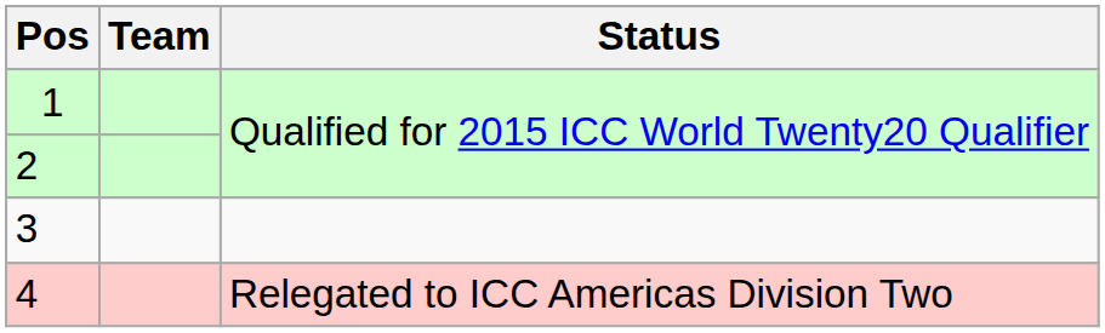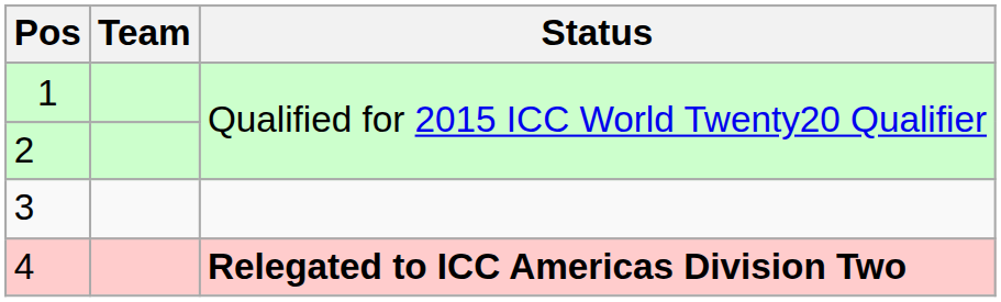 <table class="wikitable">
 <tr>
 <th>Pos</th>
 <th>Team</th>
 <th>Status</th>
 </tr>
 <tr style="background:#cfc">
 <td style="text-align:center">1</td>
 <td style="text-align:left"></td>
 <td rowspan=2>Qualified for <a href='#'>2015 ICC World Twenty20 Qualifier</a></td>
 </tr>
 <tr style="background:#cfc">
 <td>2</td>
 <td style="text-align:left"></td>
 </tr>
 <tr>
 <td>3</td>
 <td style="text-align:left"></td>
 <td></td>
 </tr>
 <tr style="background: #ffcccc;">
 <td>4</td>
 <td style="text-align:left"></td>
-<td>Relegated to ICC Americas Division Two</td>
+<td><strong>Relegated to ICC Americas Division Two</strong></td>
 </tr>
 </table>
